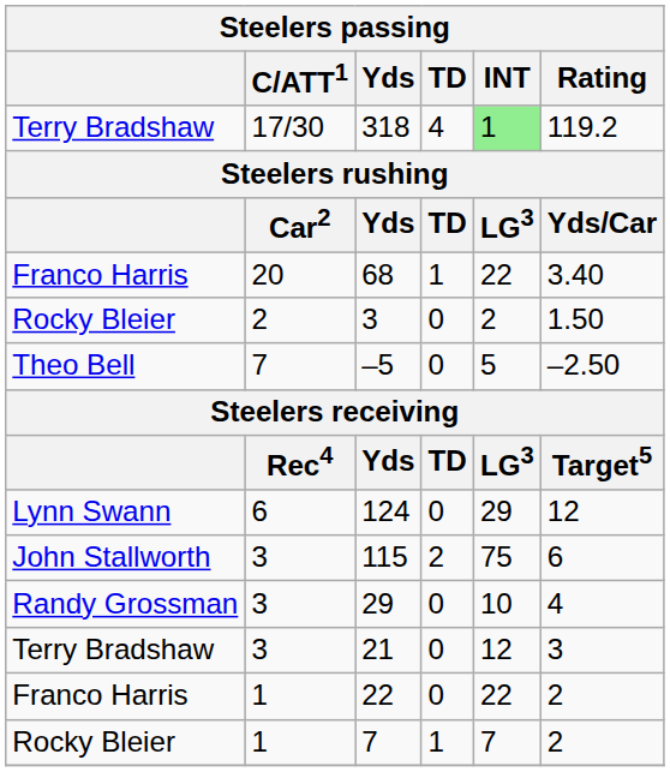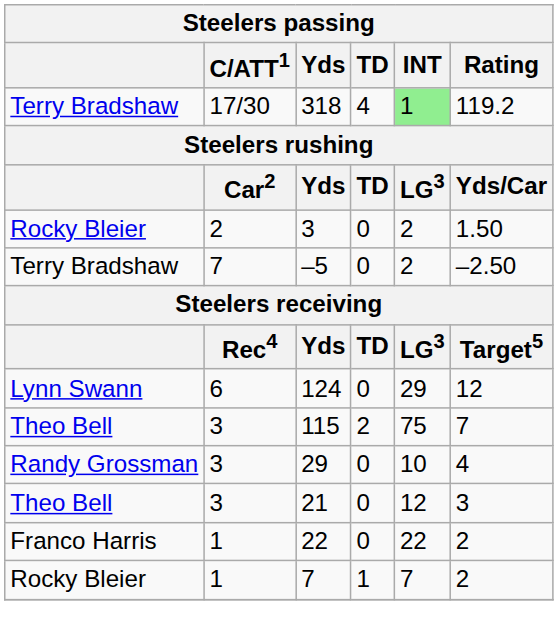 <table class="wikitable">
 <tr>
 <th colspan="6">Steelers passing</th>
 </tr>
 <tr>
 <th></th>
 <th>C/ATT<sup>1</sup></th>
 <th>Yds</th>
 <th>TD</th>
 <th>INT</th>
 <th>Rating</th>
 </tr>
 <tr>
 <td><a href='#'>Terry Bradshaw</a></td>
 <td>17/30</td>
 <td>318</td>
 <td>4</td>
 <td style="background: lightgreen;">1</td>
 <td>119.2</td>
 </tr>
 <tr>
 <th colspan="6">Steelers rushing</th>
 </tr>
 <tr>
 <th></th>
 <th>Car<sup>2</sup></th>
 <th>Yds</th>
 <th>TD</th>
 <th>LG<sup>3</sup></th>
 <th>Yds/Car</th>
 </tr>
 <tr>
-<td><a href='#'>Franco Harris</a></td>
-<td>20</td>
-<td>68</td>
-<td>1</td>
-<td>22</td>
-<td>3.40</td>
-</tr>
-<tr>
 <td><a href='#'>Rocky Bleier</a></td>
 <td>2</td>
 <td>3</td>
 <td>0</td>
 <td>2</td>
 <td>1.50</td>
 </tr>
 <tr>
-<td><a href='#'>Theo Bell</a></td>
+<td>Terry Bradshaw</td>
 <td>7</td>
 <td>–5</td>
 <td>0</td>
-<td>5</td>
+<td>2</td>
 <td>–2.50</td>
 </tr>
 <tr>
 <th colspan="6">Steelers receiving</th>
 </tr>
 <tr>
 <th></th>
 <th>Rec<sup>4</sup></th>
 <th>Yds</th>
 <th>TD</th>
 <th>LG<sup>3</sup></th>
 <th>Target<sup>5</sup></th>
 </tr>
 <tr>
 <td><a href='#'>Lynn Swann</a></td>
 <td>6</td>
 <td>124</td>
 <td>0</td>
 <td>29</td>
 <td>12</td>
 </tr>
 <tr>
-<td><a href='#'>John Stallworth</a></td>
+<td><a href='#'>Theo Bell</a></td>
 <td>3</td>
 <td>115</td>
 <td>2</td>
 <td>75</td>
-<td>6</td>
+<td>7</td>
 </tr>
 <tr>
 <td><a href='#'>Randy Grossman</a></td>
 <td>3</td>
 <td>29</td>
 <td>0</td>
 <td>10</td>
 <td>4</td>
 </tr>
 <tr>
-<td>Terry Bradshaw</td>
+<td><a href='#'>Theo Bell</a></td>
 <td>3</td>
 <td>21</td>
 <td>0</td>
 <td>12</td>
 <td>3</td>
 </tr>
 <tr>
 <td>Franco Harris</td>
 <td>1</td>
 <td>22</td>
 <td>0</td>
 <td>22</td>
 <td>2</td>
 </tr>
 <tr>
 <td>Rocky Bleier</td>
 <td>1</td>
 <td>7</td>
 <td>1</td>
 <td>7</td>
 <td>2</td>
 </tr>
 <tr>
 </tr>
 </table>
